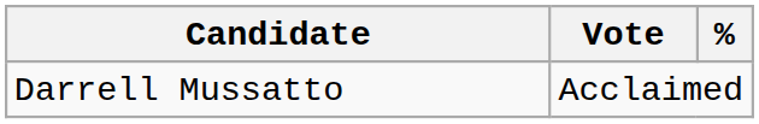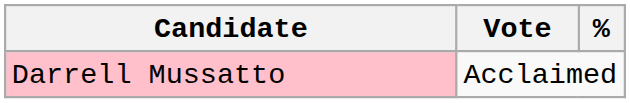 <table class="wikitable">
 <tr>
 <th bgcolor="#DDDDFF" width="200px">Candidate</th>
 <th bgcolor="#DDDDFF">Vote</th>
 <th bgcolor="#DDDDFF">%</th>
 </tr>
 <tr>
-<td>Darrell Mussatto</td>
+<td style="background: pink;">Darrell Mussatto</td>
 <td colspan="2">Acclaimed</td>
 </tr>
 </table>
